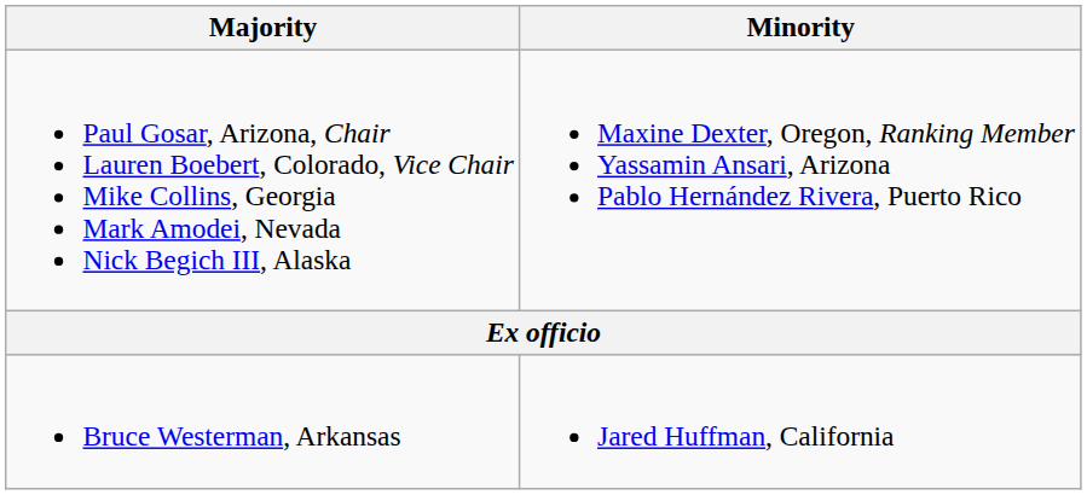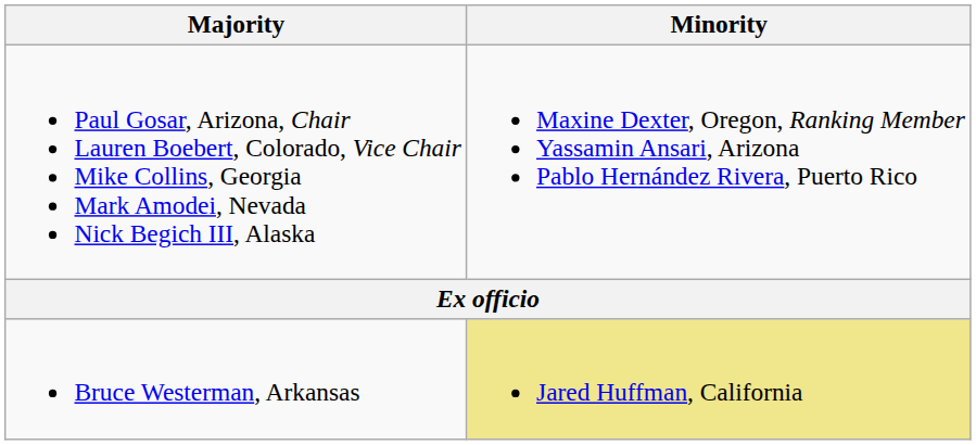 <table class=wikitable>
 <tr>
 <th>Majority</th>
 <th>Minority</th>
 </tr>
 <tr valign=top>
 <td><br><ul><li><a href='#'>Paul Gosar</a>, Arizona, <em>Chair</em></li><li><a href='#'>Lauren Boebert</a>, Colorado, <em>Vice Chair</em></li><li><a href='#'>Mike Collins</a>, Georgia</li><li><a href='#'>Mark Amodei</a>, Nevada</li><li><a href='#'>Nick Begich III</a>, Alaska</li></ul></td>
 <td><br><ul><li><a href='#'>Maxine Dexter</a>, Oregon, <em>Ranking Member</em></li><li><a href='#'>Yassamin Ansari</a>, Arizona</li><li><a href='#'>Pablo Hernández Rivera</a>, Puerto Rico</li></ul></td>
 </tr>
 <tr>
 <th colspan=2><em>Ex officio</em></th>
 </tr>
 <tr>
 <td><br><ul><li><a href='#'>Bruce Westerman</a>, Arkansas</li></ul></td>
-<td><br><ul><li><a href='#'>Jared Huffman</a>, California</li></ul></td>
+<td style="background: khaki;"><br><ul><li><a href='#'>Jared Huffman</a>, California</li></ul></td>
 </tr>
 </table>
